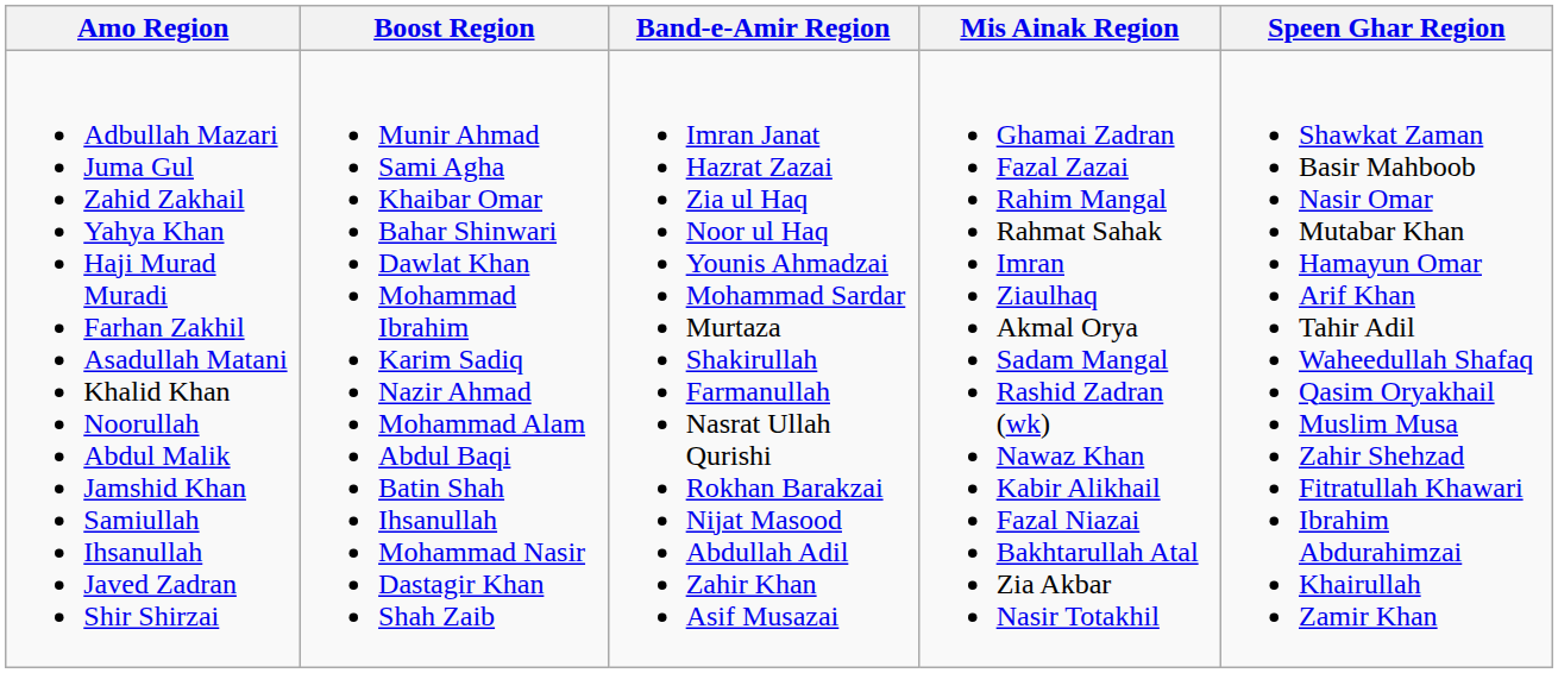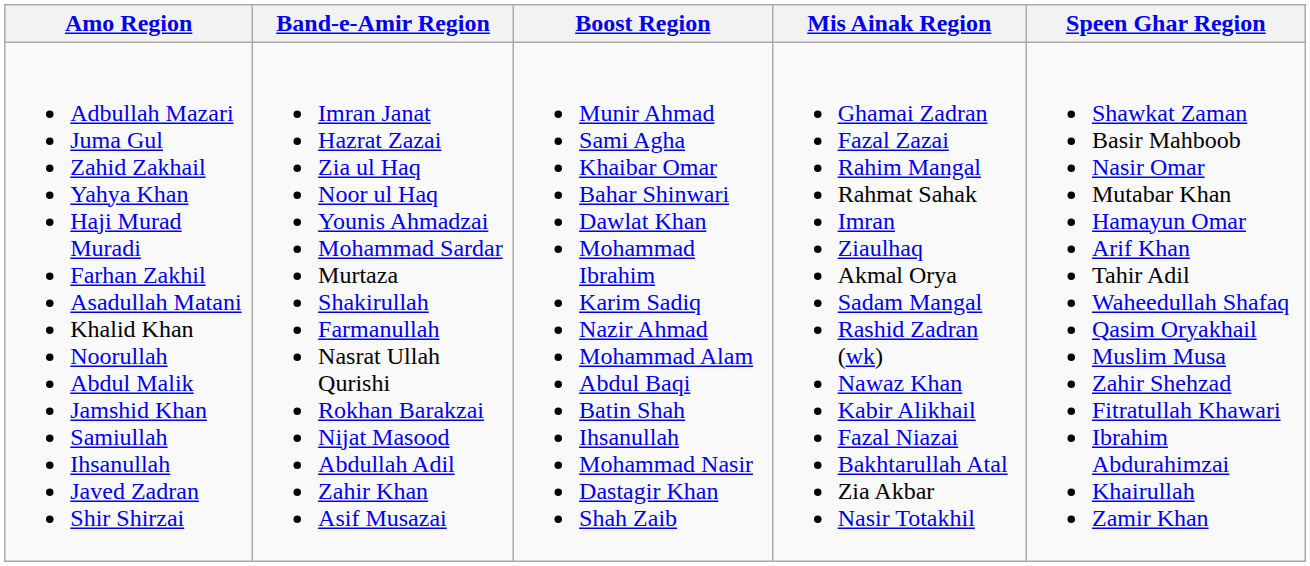 <table class="wikitable">
 <tr>
 <th><a href='#'>Amo Region</a></th>
+<th><a href='#'>Band-e-Amir Region</a></th>
 <th><a href='#'>Boost Region</a></th>
-<th><a href='#'>Band-e-Amir Region</a></th>
 <th><a href='#'>Mis Ainak Region</a></th>
 <th><a href='#'>Speen Ghar Region</a></th>
 </tr>
 <tr>
 <td><br><ul><li><a href='#'>Adbullah Mazari</a></li><li><a href='#'>Juma Gul</a></li><li><a href='#'>Zahid Zakhail</a></li><li><a href='#'>Yahya Khan</a></li><li><a href='#'>Haji Murad Muradi</a></li><li><a href='#'>Farhan Zakhil</a></li><li><a href='#'>Asadullah Matani</a></li><li>Khalid Khan</li><li><a href='#'>Noorullah</a></li><li><a href='#'>Abdul Malik</a></li><li><a href='#'>Jamshid Khan</a></li><li><a href='#'>Samiullah</a></li><li><a href='#'>Ihsanullah</a></li><li><a href='#'>Javed Zadran</a></li><li><a href='#'>Shir Shirzai</a></li></ul></td>
+<td><br><ul><li><a href='#'>Imran Janat</a></li><li><a href='#'>Hazrat Zazai</a></li><li><a href='#'>Zia ul Haq</a></li><li><a href='#'>Noor ul Haq</a></li><li><a href='#'>Younis Ahmadzai</a></li><li><a href='#'>Mohammad Sardar</a></li><li>Murtaza</li><li><a href='#'>Shakirullah</a></li><li><a href='#'>Farmanullah</a></li><li>Nasrat Ullah Qurishi</li><li><a href='#'>Rokhan Barakzai</a></li><li><a href='#'>Nijat Masood</a></li><li><a href='#'>Abdullah Adil</a></li><li><a href='#'>Zahir Khan</a></li><li><a href='#'>Asif Musazai</a></li></ul></td>
 <td><br><ul><li><a href='#'>Munir Ahmad</a></li><li><a href='#'>Sami Agha</a></li><li><a href='#'>Khaibar Omar</a></li><li><a href='#'>Bahar Shinwari</a></li><li><a href='#'>Dawlat Khan</a></li><li><a href='#'>Mohammad Ibrahim</a></li><li><a href='#'>Karim Sadiq</a></li><li><a href='#'>Nazir Ahmad</a></li><li><a href='#'>Mohammad Alam</a></li><li><a href='#'>Abdul Baqi</a></li><li><a href='#'>Batin Shah</a></li><li><a href='#'>Ihsanullah</a></li><li><a href='#'>Mohammad Nasir</a></li><li><a href='#'>Dastagir Khan</a></li><li><a href='#'>Shah Zaib</a></li></ul></td>
-<td><br><ul><li><a href='#'>Imran Janat</a></li><li><a href='#'>Hazrat Zazai</a></li><li><a href='#'>Zia ul Haq</a></li><li><a href='#'>Noor ul Haq</a></li><li><a href='#'>Younis Ahmadzai</a></li><li><a href='#'>Mohammad Sardar</a></li><li>Murtaza</li><li><a href='#'>Shakirullah</a></li><li><a href='#'>Farmanullah</a></li><li>Nasrat Ullah Qurishi</li><li><a href='#'>Rokhan Barakzai</a></li><li><a href='#'>Nijat Masood</a></li><li><a href='#'>Abdullah Adil</a></li><li><a href='#'>Zahir Khan</a></li><li><a href='#'>Asif Musazai</a></li></ul></td>
 <td><br><ul><li><a href='#'>Ghamai Zadran</a></li><li><a href='#'>Fazal Zazai</a></li><li><a href='#'>Rahim Mangal</a></li><li>Rahmat Sahak</li><li><a href='#'>Imran</a></li><li><a href='#'>Ziaulhaq</a></li><li>Akmal Orya</li><li><a href='#'>Sadam Mangal</a></li><li><a href='#'>Rashid Zadran</a> (<a href='#'>wk</a>)</li><li><a href='#'>Nawaz Khan</a></li><li><a href='#'>Kabir Alikhail</a></li><li><a href='#'>Fazal Niazai</a></li><li><a href='#'>Bakhtarullah Atal</a></li><li>Zia Akbar</li><li><a href='#'>Nasir Totakhil</a></li></ul></td>
 <td><br><ul><li><a href='#'>Shawkat Zaman</a></li><li>Basir Mahboob</li><li><a href='#'>Nasir Omar</a></li><li>Mutabar Khan</li><li><a href='#'>Hamayun Omar</a></li><li><a href='#'>Arif Khan</a></li><li>Tahir Adil</li><li><a href='#'>Waheedullah Shafaq</a></li><li><a href='#'>Qasim Oryakhail</a></li><li><a href='#'>Muslim Musa</a></li><li><a href='#'>Zahir Shehzad</a></li><li><a href='#'>Fitratullah Khawari</a></li><li><a href='#'>Ibrahim Abdurahimzai</a></li><li><a href='#'>Khairullah</a></li><li><a href='#'>Zamir Khan</a></li></ul></td>
 </tr>
 </table>
